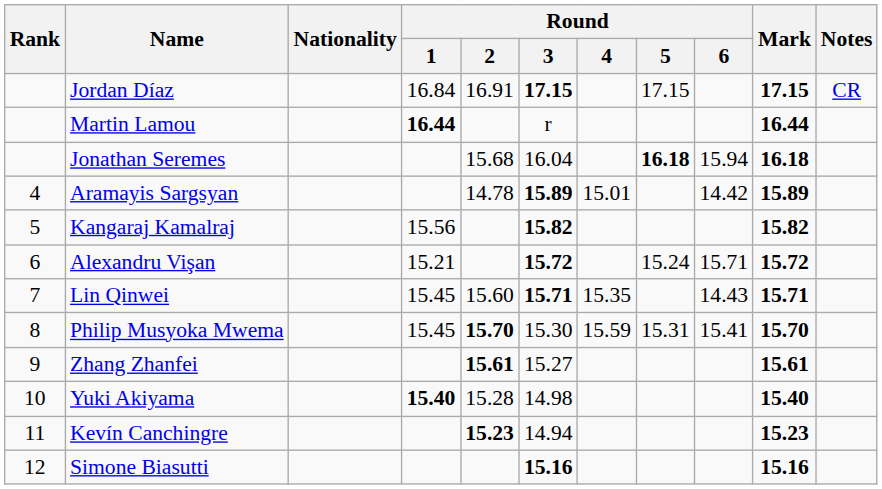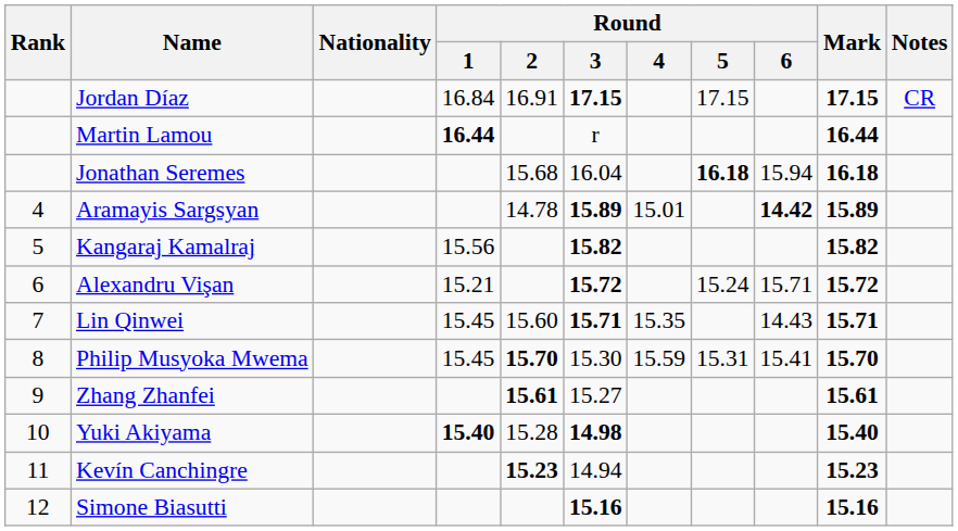 <table class="wikitable sortable" style="text-align:center">
 <tr>
 <th rowspan=2 data-sort-type="number">Rank</th>
 <th rowspan=2>Name</th>
 <th rowspan=2>Nationality</th>
 <th colspan=6>Round</th>
 <th rowspan=2>Mark</th>
 <th rowspan=2>Notes</th>
 </tr>
 <tr>
 <th>1</th>
 <th>2</th>
 <th>3</th>
 <th>4</th>
 <th>5</th>
 <th>6</th>
 </tr>
 <tr>
 <td></td>
 <td align="left"><a href='#'>Jordan Díaz</a></td>
 <td align="left"></td>
 <td>16.84</td>
 <td>16.91</td>
 <td><strong>17.15</strong></td>
 <td></td>
 <td>17.15</td>
 <td></td>
 <td><strong>17.15</strong></td>
 <td><a href='#'>CR</a></td>
 </tr>
 <tr>
 <td></td>
 <td align="left"><a href='#'>Martin Lamou</a></td>
 <td align="left"></td>
 <td><strong>16.44</strong></td>
 <td></td>
 <td>r</td>
 <td></td>
 <td></td>
 <td></td>
 <td><strong>16.44</strong></td>
 <td></td>
 </tr>
 <tr>
 <td></td>
 <td align="left"><a href='#'>Jonathan Seremes</a></td>
 <td align="left"></td>
 <td></td>
 <td>15.68</td>
 <td>16.04</td>
 <td></td>
 <td><strong>16.18</strong></td>
 <td>15.94</td>
 <td><strong>16.18</strong></td>
 <td></td>
 </tr>
 <tr>
 <td>4</td>
 <td align="left"><a href='#'>Aramayis Sargsyan</a></td>
 <td align="left"></td>
 <td></td>
 <td>14.78</td>
 <td><strong>15.89</strong></td>
 <td>15.01</td>
 <td></td>
-<td>14.42</td>
+<td><strong>14.42</strong></td>
 <td><strong>15.89</strong></td>
 <td></td>
 </tr>
 <tr>
 <td>5</td>
 <td align="left"><a href='#'>Kangaraj Kamalraj</a></td>
 <td align="left"></td>
 <td>15.56</td>
 <td></td>
 <td><strong>15.82</strong></td>
 <td></td>
 <td></td>
 <td></td>
 <td><strong>15.82</strong></td>
 <td></td>
 </tr>
 <tr>
 <td>6</td>
 <td align="left"><a href='#'>Alexandru Vişan</a></td>
 <td align="left"></td>
 <td>15.21</td>
 <td></td>
 <td><strong>15.72</strong></td>
 <td></td>
 <td>15.24</td>
 <td>15.71</td>
 <td><strong>15.72</strong></td>
 <td></td>
 </tr>
 <tr>
 <td>7</td>
 <td align="left"><a href='#'>Lin Qinwei</a></td>
 <td align="left"></td>
 <td>15.45</td>
 <td>15.60</td>
 <td><strong>15.71</strong></td>
 <td>15.35</td>
 <td></td>
 <td>14.43</td>
 <td><strong>15.71</strong></td>
 <td></td>
 </tr>
 <tr>
 <td>8</td>
 <td align="left"><a href='#'>Philip Musyoka Mwema</a></td>
 <td align="left"></td>
 <td>15.45</td>
 <td><strong>15.70</strong></td>
 <td>15.30</td>
 <td>15.59</td>
 <td>15.31</td>
 <td>15.41</td>
 <td><strong>15.70</strong></td>
 <td></td>
 </tr>
 <tr>
 <td>9</td>
 <td align="left"><a href='#'>Zhang Zhanfei</a></td>
 <td align="left"></td>
 <td></td>
 <td><strong>15.61</strong></td>
 <td>15.27</td>
 <td></td>
 <td></td>
 <td></td>
 <td><strong>15.61</strong></td>
 <td></td>
 </tr>
 <tr>
 <td>10</td>
 <td align="left"><a href='#'>Yuki Akiyama</a></td>
 <td align="left"></td>
 <td><strong>15.40</strong></td>
 <td>15.28</td>
-<td>14.98</td>
+<td><strong>14.98</strong></td>
 <td></td>
 <td></td>
 <td></td>
 <td><strong>15.40</strong></td>
 <td></td>
 </tr>
 <tr>
 <td>11</td>
 <td align="left"><a href='#'>Kevín Canchingre</a></td>
 <td align="left"></td>
 <td></td>
 <td><strong>15.23</strong></td>
 <td>14.94</td>
 <td></td>
 <td></td>
 <td></td>
 <td><strong>15.23</strong></td>
 <td></td>
 </tr>
 <tr>
 <td>12</td>
 <td align="left"><a href='#'>Simone Biasutti</a></td>
 <td align="left"></td>
 <td></td>
 <td></td>
 <td><strong>15.16</strong></td>
 <td></td>
 <td></td>
 <td></td>
 <td><strong>15.16</strong></td>
 <td></td>
 </tr>
 </table>
